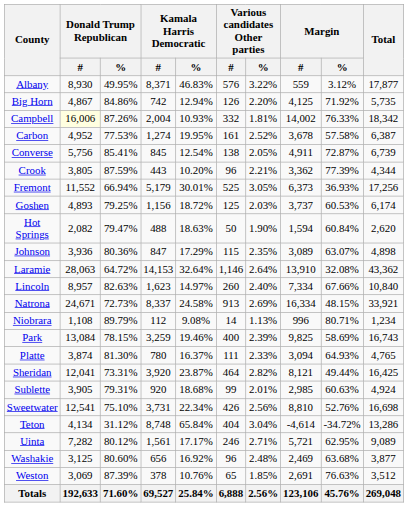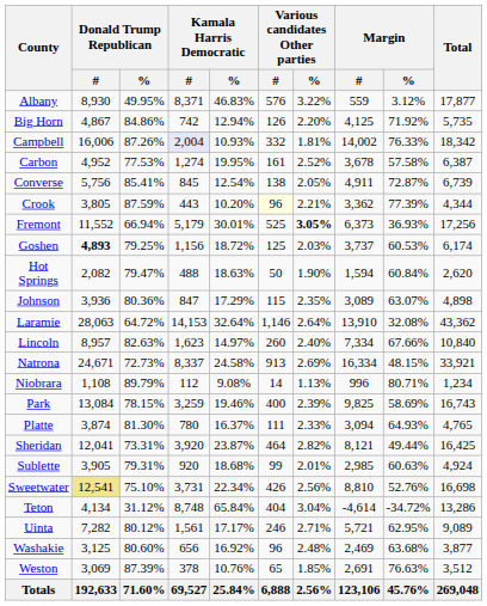 <table width="60%" class="wikitable sortable" style="text-align:center">
 <tr>
 <th style="text-align:center;" rowspan="2">County</th>
 <th style="text-align:center;" colspan="2">Donald Trump<br>Republican</th>
 <th style="text-align:center;" colspan="2">Kamala Harris<br>Democratic</th>
 <th style="text-align:center;" colspan="2">Various candidates<br>Other parties</th>
 <th style="text-align:center;" colspan="2">Margin</th>
 <th style="text-align:center;" rowspan="2" style="text-align:center;">Total</th>
 </tr>
 <tr>
 <th style="text-align:center;" data-sort-type="number">#</th>
 <th style="text-align:center;" data-sort-type="number">%</th>
 <th style="text-align:center;" data-sort-type="number">#</th>
 <th style="text-align:center;" data-sort-type="number">%</th>
 <th style="text-align:center;" data-sort-type="number">#</th>
 <th style="text-align:center;" data-sort-type="number">%</th>
 <th style="text-align:center;" data-sort-type="number">#</th>
 <th style="text-align:center;" data-sort-type="number">%</th>
 </tr>
 <tr style="text-align:center;">
 <td><a href='#'>Albany</a></td>
 <td>8,930</td>
 <td>49.95%</td>
 <td>8,371</td>
 <td>46.83%</td>
 <td>576</td>
 <td>3.22%</td>
 <td>559</td>
 <td>3.12%</td>
 <td>17,877</td>
 </tr>
 <tr style="text-align:center;">
 <td><a href='#'>Big Horn</a></td>
 <td>4,867</td>
 <td>84.86%</td>
 <td>742</td>
 <td>12.94%</td>
 <td>126</td>
 <td>2.20%</td>
 <td>4,125</td>
 <td>71.92%</td>
 <td>5,735</td>
 </tr>
 <tr style="text-align:center;">
 <td><a href='#'>Campbell</a></td>
-<td style="background: lightyellow;">16,006</td>
+<td>16,006</td>
 <td>87.26%</td>
-<td>2,004</td>
+<td style="background: lavender;">2,004</td>
 <td>10.93%</td>
 <td>332</td>
 <td>1.81%</td>
 <td>14,002</td>
 <td>76.33%</td>
 <td>18,342</td>
 </tr>
 <tr style="text-align:center;">
 <td><a href='#'>Carbon</a></td>
 <td>4,952</td>
 <td>77.53%</td>
 <td>1,274</td>
 <td>19.95%</td>
 <td>161</td>
 <td>2.52%</td>
 <td>3,678</td>
 <td>57.58%</td>
 <td>6,387</td>
 </tr>
 <tr style="text-align:center;">
 <td><a href='#'>Converse</a></td>
 <td>5,756</td>
 <td>85.41%</td>
 <td>845</td>
 <td>12.54%</td>
 <td>138</td>
 <td>2.05%</td>
 <td>4,911</td>
 <td>72.87%</td>
 <td>6,739</td>
 </tr>
 <tr style="text-align:center;">
 <td><a href='#'>Crook</a></td>
 <td>3,805</td>
 <td>87.59%</td>
 <td>443</td>
 <td>10.20%</td>
-<td>96</td>
+<td style="background: lightyellow;">96</td>
 <td>2.21%</td>
 <td>3,362</td>
 <td>77.39%</td>
 <td>4,344</td>
 </tr>
 <tr style="text-align:center;">
 <td><a href='#'>Fremont</a></td>
 <td>11,552</td>
 <td>66.94%</td>
 <td>5,179</td>
 <td>30.01%</td>
 <td>525</td>
-<td>3.05%</td>
+<td><strong>3.05%</strong></td>
 <td>6,373</td>
 <td>36.93%</td>
 <td>17,256</td>
 </tr>
 <tr style="text-align:center;">
 <td><a href='#'>Goshen</a></td>
-<td>4,893</td>
+<td><strong>4,893</strong></td>
 <td>79.25%</td>
 <td>1,156</td>
 <td>18.72%</td>
 <td>125</td>
 <td>2.03%</td>
 <td>3,737</td>
 <td>60.53%</td>
 <td>6,174</td>
 </tr>
 <tr style="text-align:center;">
 <td><a href='#'>Hot Springs</a></td>
 <td>2,082</td>
 <td>79.47%</td>
 <td>488</td>
 <td>18.63%</td>
 <td>50</td>
 <td>1.90%</td>
 <td>1,594</td>
 <td>60.84%</td>
 <td>2,620</td>
 </tr>
 <tr style="text-align:center;">
 <td><a href='#'>Johnson</a></td>
 <td>3,936</td>
 <td>80.36%</td>
 <td>847</td>
 <td>17.29%</td>
 <td>115</td>
 <td>2.35%</td>
 <td>3,089</td>
 <td>63.07%</td>
 <td>4,898</td>
 </tr>
 <tr style="text-align:center;">
 <td><a href='#'>Laramie</a></td>
 <td>28,063</td>
 <td>64.72%</td>
 <td>14,153</td>
 <td>32.64%</td>
 <td>1,146</td>
 <td>2.64%</td>
 <td>13,910</td>
 <td>32.08%</td>
 <td>43,362</td>
 </tr>
 <tr style="text-align:center;">
 <td><a href='#'>Lincoln</a></td>
 <td>8,957</td>
 <td>82.63%</td>
 <td>1,623</td>
 <td>14.97%</td>
 <td>260</td>
 <td>2.40%</td>
 <td>7,334</td>
 <td>67.66%</td>
 <td>10,840</td>
 </tr>
 <tr style="text-align:center;">
 <td><a href='#'>Natrona</a></td>
 <td>24,671</td>
 <td>72.73%</td>
 <td>8,337</td>
 <td>24.58%</td>
 <td>913</td>
 <td>2.69%</td>
 <td>16,334</td>
 <td>48.15%</td>
 <td>33,921</td>
 </tr>
 <tr style="text-align:center;">
 <td><a href='#'>Niobrara</a></td>
 <td>1,108</td>
 <td>89.79%</td>
 <td>112</td>
 <td>9.08%</td>
 <td>14</td>
 <td>1.13%</td>
 <td>996</td>
 <td>80.71%</td>
 <td>1,234</td>
 </tr>
 <tr style="text-align:center;">
 <td><a href='#'>Park</a></td>
 <td>13,084</td>
 <td>78.15%</td>
 <td>3,259</td>
 <td>19.46%</td>
 <td>400</td>
 <td>2.39%</td>
 <td>9,825</td>
 <td>58.69%</td>
 <td>16,743</td>
 </tr>
 <tr style="text-align:center;">
 <td><a href='#'>Platte</a></td>
 <td>3,874</td>
 <td>81.30%</td>
 <td>780</td>
 <td>16.37%</td>
 <td>111</td>
 <td>2.33%</td>
 <td>3,094</td>
 <td>64.93%</td>
 <td>4,765</td>
 </tr>
 <tr style="text-align:center;">
 <td><a href='#'>Sheridan</a></td>
 <td>12,041</td>
 <td>73.31%</td>
 <td>3,920</td>
 <td>23.87%</td>
 <td>464</td>
 <td>2.82%</td>
 <td>8,121</td>
 <td>49.44%</td>
 <td>16,425</td>
 </tr>
 <tr style="text-align:center;">
 <td><a href='#'>Sublette</a></td>
 <td>3,905</td>
 <td>79.31%</td>
 <td>920</td>
 <td>18.68%</td>
 <td>99</td>
 <td>2.01%</td>
 <td>2,985</td>
 <td>60.63%</td>
 <td>4,924</td>
 </tr>
 <tr style="text-align:center;">
 <td><a href='#'>Sweetwater</a></td>
-<td>12,541</td>
+<td style="background: khaki;">12,541</td>
 <td>75.10%</td>
 <td>3,731</td>
 <td>22.34%</td>
 <td>426</td>
 <td>2.56%</td>
 <td>8,810</td>
 <td>52.76%</td>
 <td>16,698</td>
 </tr>
 <tr style="text-align:center;">
 <td><a href='#'>Teton</a></td>
 <td>4,134</td>
 <td>31.12%</td>
 <td>8,748</td>
 <td>65.84%</td>
 <td>404</td>
 <td>3.04%</td>
 <td>-4,614</td>
 <td>-34.72%</td>
 <td>13,286</td>
 </tr>
 <tr style="text-align:center;">
 <td><a href='#'>Uinta</a></td>
 <td>7,282</td>
 <td>80.12%</td>
 <td>1,561</td>
 <td>17.17%</td>
 <td>246</td>
 <td>2.71%</td>
 <td>5,721</td>
 <td>62.95%</td>
 <td>9,089</td>
 </tr>
 <tr style="text-align:center;">
 <td><a href='#'>Washakie</a></td>
 <td>3,125</td>
 <td>80.60%</td>
 <td>656</td>
 <td>16.92%</td>
 <td>96</td>
 <td>2.48%</td>
 <td>2,469</td>
 <td>63.68%</td>
 <td>3,877</td>
 </tr>
 <tr style="text-align:center;">
 <td><a href='#'>Weston</a></td>
 <td>3,069</td>
 <td>87.39%</td>
 <td>378</td>
 <td>10.76%</td>
 <td>65</td>
 <td>1.85%</td>
 <td>2,691</td>
 <td>76.63%</td>
 <td>3,512</td>
 </tr>
 <tr style="text-align:center;">
 <th>Totals</th>
 <th>192,633</th>
 <th>71.60%</th>
 <th>69,527</th>
 <th>25.84%</th>
 <th>6,888</th>
 <th>2.56%</th>
 <th>123,106</th>
 <th>45.76%</th>
 <th>269,048</th>
 </tr>
 </table>
